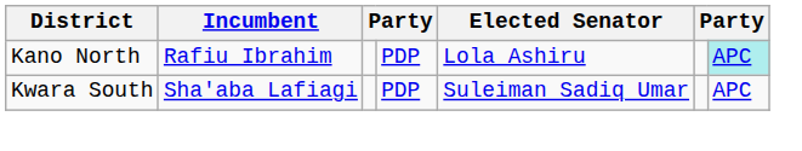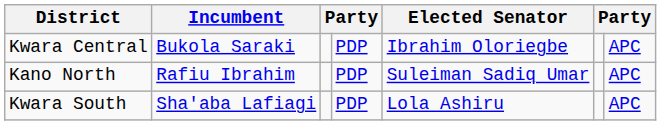 <table class="sortable wikitable" style="font-size:95%;line-height:14px;">
 <tr>
 <th class="unsortable">District</th>
 <th class="unsortable"><a href='#'>Incumbent</a></th>
 <th colspan="2">Party</th>
 <th class="unsortable">Elected Senator</th>
 <th colspan="2">Party</th>
 </tr>
 <tr>
+<td>Kwara Central</td>
+<td><a href='#'>Bukola Saraki</a></td>
+<td style="background:"></td>
+<td><a href='#'>PDP</a></td>
+<td><a href='#'>Ibrahim Oloriegbe</a></td>
+<td style="background:"></td>
+<td><a href='#'>APC</a></td>
+</tr>
+<tr>
 <td>Kano North</td>
 <td><a href='#'>Rafiu Ibrahim</a></td>
 <td style="background:"></td>
 <td><a href='#'>PDP</a></td>
-<td><a href='#'>Lola Ashiru</a></td>
+<td><a href='#'>Suleiman Sadiq Umar</a></td>
 <td style="background:"></td>
-<td style="background: paleturquoise;"><a href='#'>APC</a></td>
+<td><a href='#'>APC</a></td>
 </tr>
 <tr>
 <td>Kwara South</td>
 <td><a href='#'>Sha'aba Lafiagi</a></td>
 <td style="background:"></td>
 <td><a href='#'>PDP</a></td>
-<td><a href='#'>Suleiman Sadiq Umar</a></td>
+<td><a href='#'>Lola Ashiru</a></td>
 <td style="background:"></td>
 <td><a href='#'>APC</a></td>
 </tr>
 </table>
